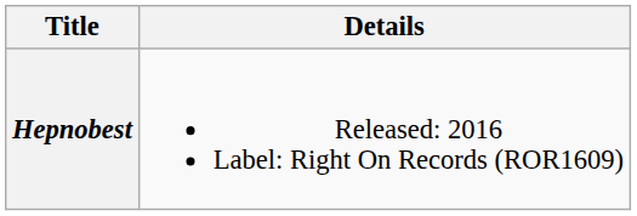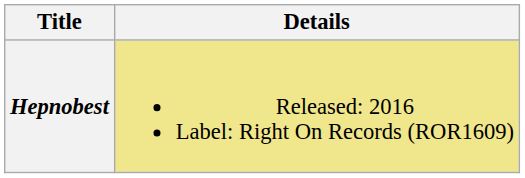 <table class="wikitable plainrowheaders" style="text-align:center;" border="1">
 <tr>
 <th>Title</th>
 <th>Details</th>
 </tr>
 <tr>
 <th scope="row"><em>Hepnobest</em></th>
-<td><br><ul><li>Released: 2016</li><li>Label: Right On Records (ROR1609)</li></ul></td>
+<td style="background: khaki;"><br><ul><li>Released: 2016</li><li>Label: Right On Records (ROR1609)</li></ul></td>
 </tr>
 </table>
